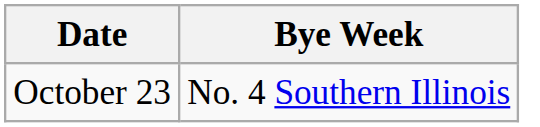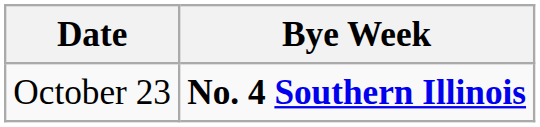 <table class="wikitable" style="font-size:95%;">
 <tr>
 <th>Date</th>
 <th>Bye Week</th>
 </tr>
 <tr>
 <td>October 23</td>
-<td>No. 4 <a href='#'>Southern Illinois</a></td>
+<td><strong>No. 4 <a href='#'>Southern Illinois</a></strong></td>
 </tr>
 </table>
